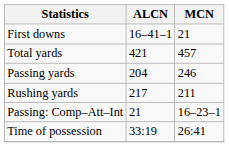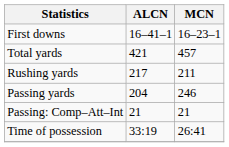 <table class="wikitable" style="float: left;">
 <tr>
 <th>Statistics</th>
 <th>ALCN</th>
 <th>MCN</th>
 </tr>
 <tr>
 <td>First downs</td>
 <td>16–41–1</td>
-<td>21</td>
+<td>16–23–1</td>
 </tr>
 <tr>
 <td>Total yards</td>
 <td>421</td>
 <td>457</td>
 </tr>
 <tr>
+<td>Rushing yards</td>
+<td>217</td>
+<td>211</td>
+</tr>
+<tr>
 <td>Passing yards</td>
 <td>204</td>
 <td>246</td>
 </tr>
 <tr>
-<td>Rushing yards</td>
-<td>217</td>
-<td>211</td>
-</tr>
-<tr>
 <td>Passing: Comp–Att–Int</td>
 <td>21</td>
-<td>16–23–1</td>
+<td>21</td>
 </tr>
 <tr>
 <td>Time of possession</td>
 <td>33:19</td>
 <td>26:41</td>
 </tr>
 <tr>
 </tr>
 </table>
